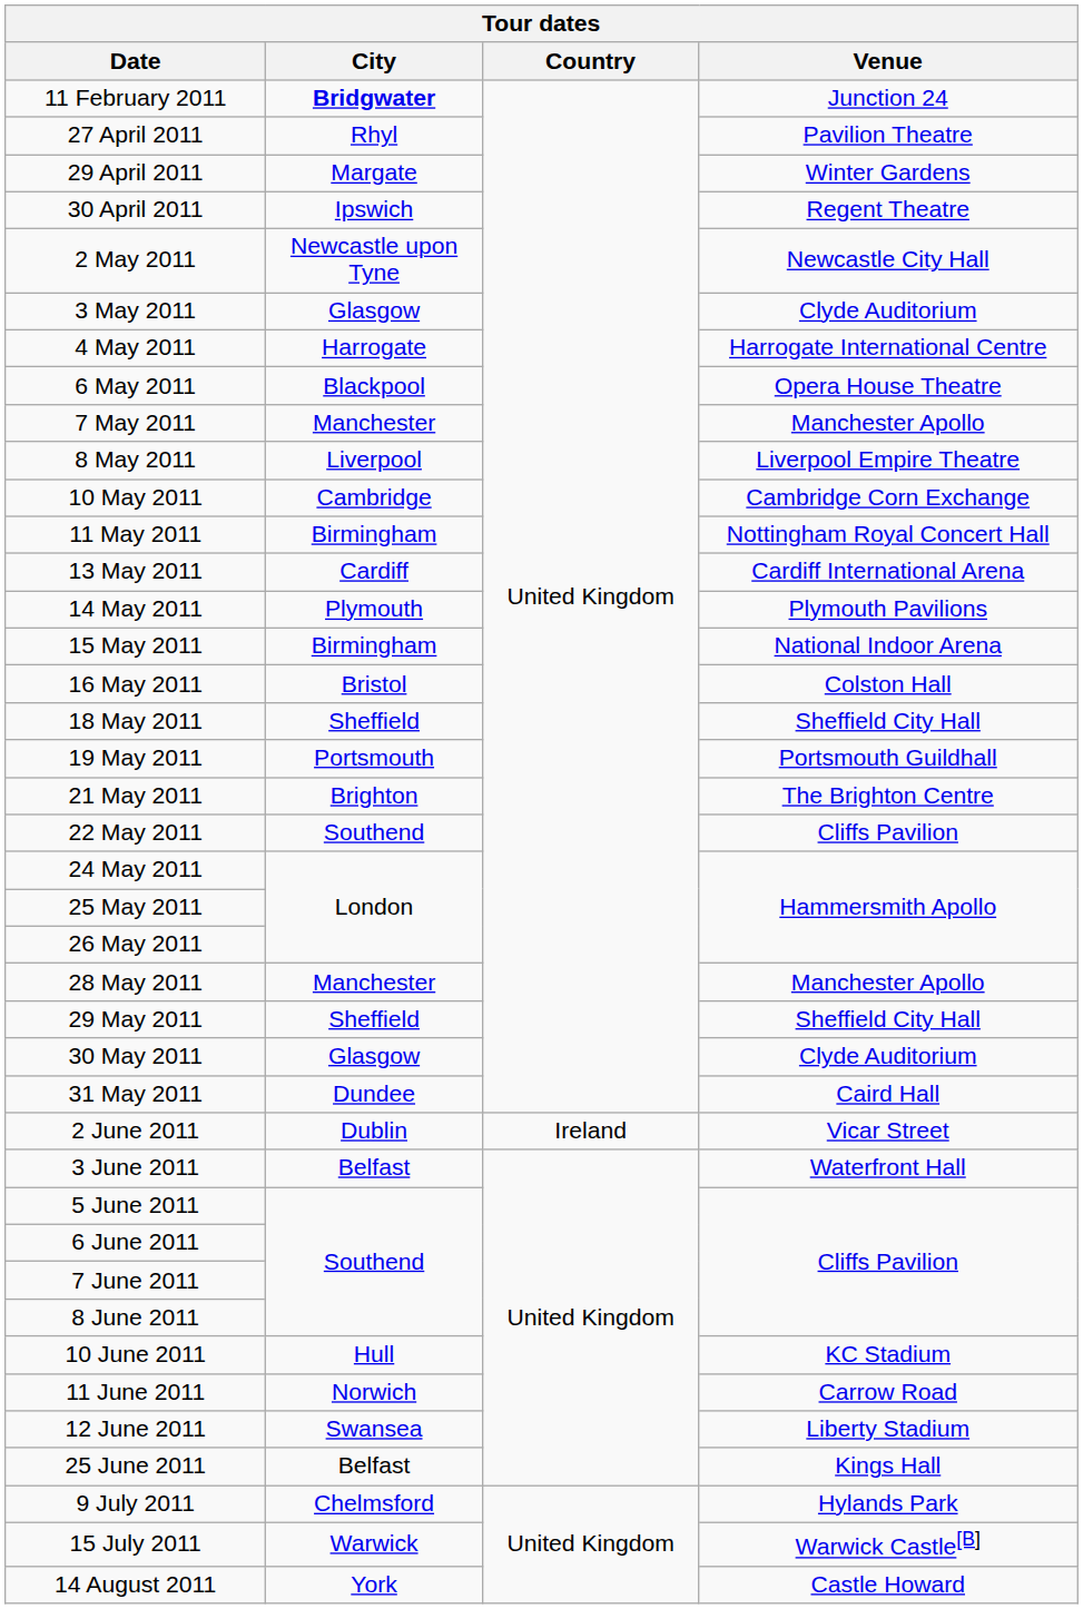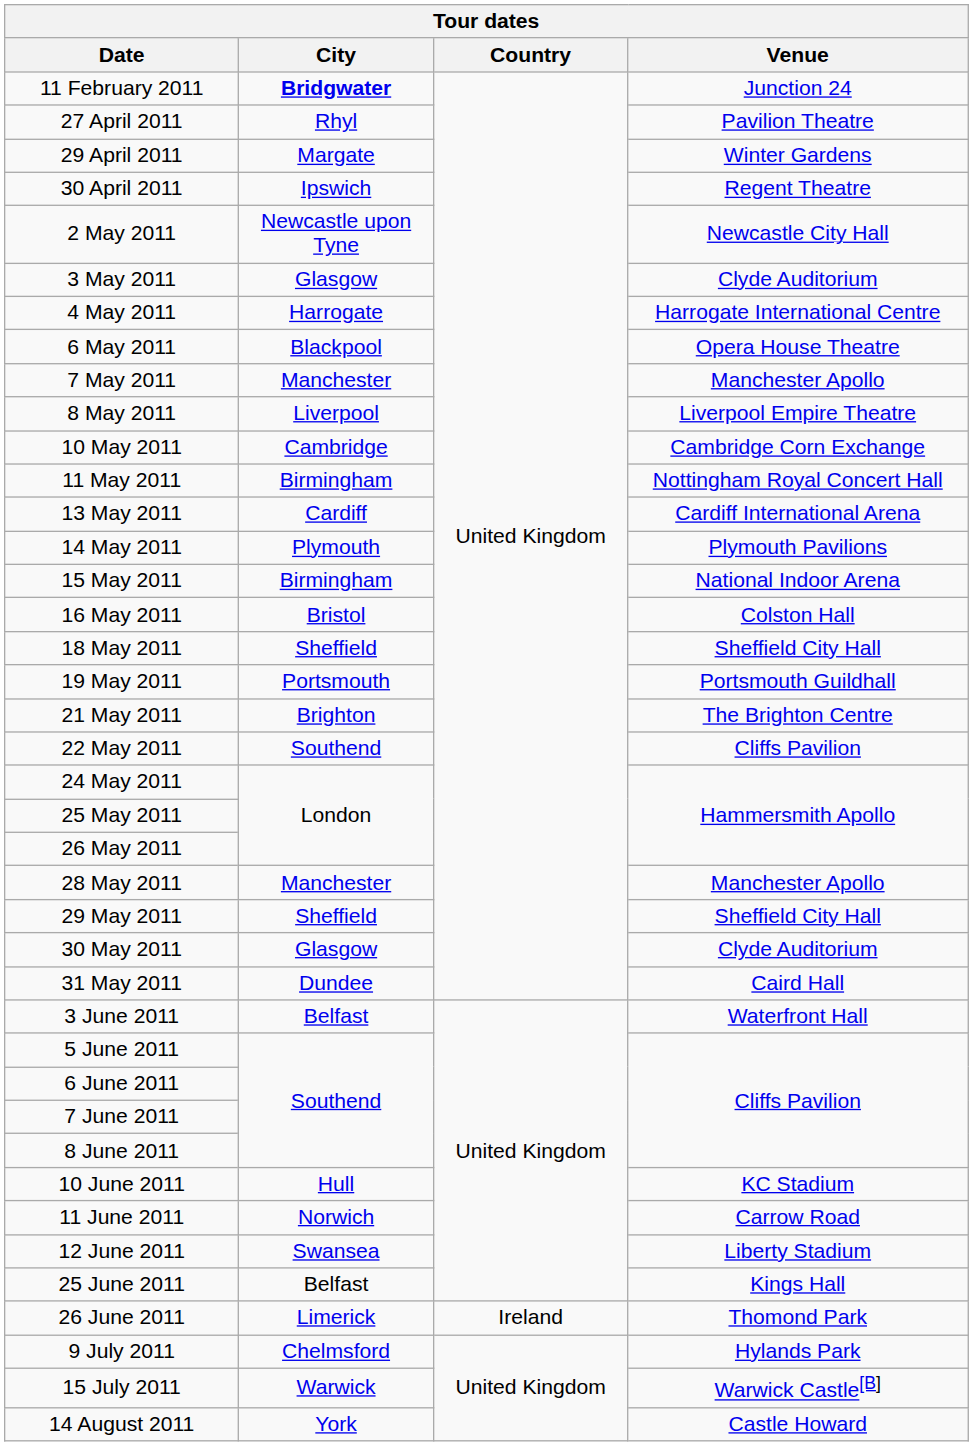 <table class="wikitable collapsible collapsed" style="text-align:center;">
 <tr>
 <th colspan="4">Tour dates</th>
 </tr>
 <tr>
 <th style="width:170px;">Date</th>
 <th style="width:140px;">City</th>
 <th style="width:140px;">Country</th>
 <th style="width:250px;">Venue</th>
 </tr>
 <tr>
 <td>11 February 2011</td>
 <td><strong><a href='#'>Bridgwater</a></strong></td>
 <td rowspan="27">United Kingdom</td>
 <td><a href='#'>Junction 24</a></td>
 </tr>
 <tr>
 <td>27 April 2011</td>
 <td><a href='#'>Rhyl</a></td>
 <td><a href='#'>Pavilion Theatre</a></td>
 </tr>
 <tr>
 <td>29 April 2011</td>
 <td><a href='#'>Margate</a></td>
 <td><a href='#'>Winter Gardens</a></td>
 </tr>
 <tr>
 <td>30 April 2011</td>
 <td><a href='#'>Ipswich</a></td>
 <td><a href='#'>Regent Theatre</a></td>
 </tr>
 <tr>
 <td>2 May 2011</td>
 <td><a href='#'>Newcastle upon Tyne</a></td>
 <td><a href='#'>Newcastle City Hall</a></td>
 </tr>
 <tr>
 <td>3 May 2011</td>
 <td><a href='#'>Glasgow</a></td>
 <td><a href='#'>Clyde Auditorium</a></td>
 </tr>
 <tr>
 <td>4 May 2011</td>
 <td><a href='#'>Harrogate</a></td>
 <td><a href='#'>Harrogate International Centre</a></td>
 </tr>
 <tr>
 <td>6 May 2011</td>
 <td><a href='#'>Blackpool</a></td>
 <td><a href='#'>Opera House Theatre</a></td>
 </tr>
 <tr>
 <td>7 May 2011</td>
 <td><a href='#'>Manchester</a></td>
 <td><a href='#'>Manchester Apollo</a></td>
 </tr>
 <tr>
 <td>8 May 2011</td>
 <td><a href='#'>Liverpool</a></td>
 <td><a href='#'>Liverpool Empire Theatre</a></td>
 </tr>
 <tr>
 <td>10 May 2011</td>
 <td><a href='#'>Cambridge</a></td>
 <td><a href='#'>Cambridge Corn Exchange</a></td>
 </tr>
 <tr>
 <td>11 May 2011</td>
 <td><a href='#'>Birmingham</a></td>
 <td><a href='#'>Nottingham Royal Concert Hall</a></td>
 </tr>
 <tr>
 <td>13 May 2011</td>
 <td><a href='#'>Cardiff</a></td>
 <td><a href='#'>Cardiff International Arena</a></td>
 </tr>
 <tr>
 <td>14 May 2011</td>
 <td><a href='#'>Plymouth</a></td>
 <td><a href='#'>Plymouth Pavilions</a></td>
 </tr>
 <tr>
 <td>15 May 2011</td>
 <td><a href='#'>Birmingham</a></td>
 <td><a href='#'>National Indoor Arena</a></td>
 </tr>
 <tr>
 <td>16 May 2011</td>
 <td><a href='#'>Bristol</a></td>
 <td><a href='#'>Colston Hall</a></td>
 </tr>
 <tr>
 <td>18 May 2011</td>
 <td><a href='#'>Sheffield</a></td>
 <td><a href='#'>Sheffield City Hall</a></td>
 </tr>
 <tr>
 <td>19 May 2011</td>
 <td><a href='#'>Portsmouth</a></td>
 <td><a href='#'>Portsmouth Guildhall</a></td>
 </tr>
 <tr>
 <td>21 May 2011</td>
 <td><a href='#'>Brighton</a></td>
 <td><a href='#'>The Brighton Centre</a></td>
 </tr>
 <tr>
 <td>22 May 2011</td>
 <td><a href='#'>Southend</a></td>
 <td><a href='#'>Cliffs Pavilion</a></td>
 </tr>
 <tr>
 <td>24 May 2011</td>
 <td rowspan="3">London</td>
 <td rowspan="3"><a href='#'>Hammersmith Apollo</a></td>
 </tr>
 <tr>
 <td>25 May 2011</td>
 </tr>
 <tr>
 <td>26 May 2011</td>
 </tr>
 <tr>
 <td>28 May 2011</td>
 <td><a href='#'>Manchester</a></td>
 <td><a href='#'>Manchester Apollo</a></td>
 </tr>
 <tr>
 <td>29 May 2011</td>
 <td><a href='#'>Sheffield</a></td>
 <td><a href='#'>Sheffield City Hall</a></td>
 </tr>
 <tr>
 <td>30 May 2011</td>
 <td><a href='#'>Glasgow</a></td>
 <td><a href='#'>Clyde Auditorium</a></td>
 </tr>
 <tr>
 <td>31 May 2011</td>
 <td><a href='#'>Dundee</a></td>
 <td><a href='#'>Caird Hall</a></td>
 </tr>
 <tr>
-<td>2 June 2011</td>
-<td><a href='#'>Dublin</a></td>
-<td>Ireland</td>
-<td><a href='#'>Vicar Street</a></td>
-</tr>
-<tr>
 <td>3 June 2011</td>
 <td><a href='#'>Belfast</a></td>
 <td rowspan="9">United Kingdom</td>
 <td><a href='#'>Waterfront Hall</a></td>
 </tr>
 <tr>
 <td>5 June 2011</td>
 <td rowspan="4"><a href='#'>Southend</a></td>
 <td rowspan="4"><a href='#'>Cliffs Pavilion</a></td>
 </tr>
 <tr>
 <td>6 June 2011</td>
 </tr>
 <tr>
 <td>7 June 2011</td>
 </tr>
 <tr>
 <td>8 June 2011</td>
 </tr>
 <tr>
 <td>10 June 2011</td>
 <td><a href='#'>Hull</a></td>
 <td><a href='#'>KC Stadium</a></td>
 </tr>
 <tr style="text-align:center;">
 <td>11 June 2011</td>
 <td><a href='#'>Norwich</a></td>
 <td><a href='#'>Carrow Road</a></td>
 </tr>
 <tr style="text-align:center;">
 <td>12 June 2011</td>
 <td><a href='#'>Swansea</a></td>
 <td><a href='#'>Liberty Stadium</a></td>
 </tr>
 <tr style="text-align:center;">
 <td>25 June 2011</td>
 <td>Belfast</td>
 <td><a href='#'>Kings Hall</a></td>
 </tr>
 <tr style="text-align:center;">
+<td>26 June 2011</td>
+<td><a href='#'>Limerick</a></td>
+<td>Ireland</td>
+<td><a href='#'>Thomond Park</a></td>
+</tr>
+<tr style="text-align:center;">
 <td>9 July 2011</td>
 <td><a href='#'>Chelmsford</a></td>
 <td rowspan="3">United Kingdom</td>
 <td><a href='#'>Hylands Park</a></td>
 </tr>
 <tr style="text-align:center;">
 <td>15 July 2011</td>
 <td><a href='#'>Warwick</a></td>
 <td><a href='#'>Warwick Castle</a><sup><a href='#'>[B</a>]</sup></td>
 </tr>
 <tr style="text-align:center;">
 <td>14 August 2011</td>
 <td><a href='#'>York</a></td>
 <td><a href='#'>Castle Howard</a></td>
 </tr>
 </table>
